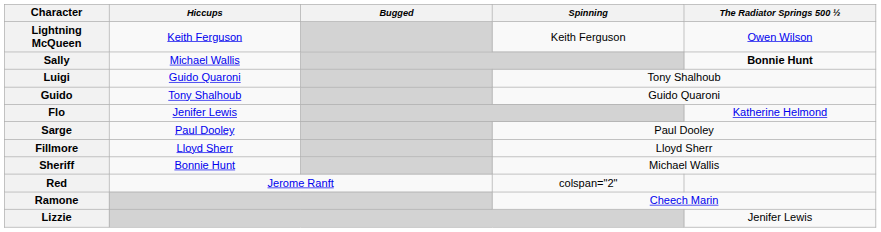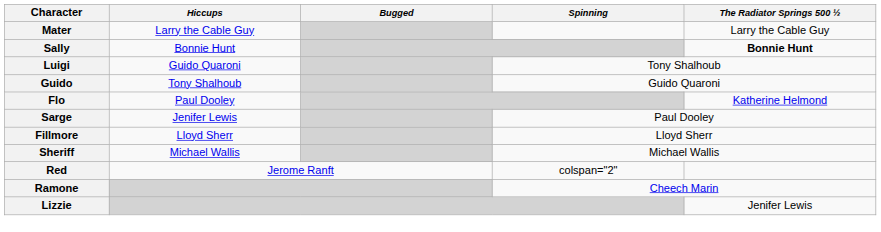 <table class="wikitable" style="text-align:center;width:100%">
 <tr>
 <th width="12%">Character</th>
 <th width="22%"><small><em>Hiccups</em></small></th>
 <th width="22%"><small><em>Bugged</em></small></th>
 <th width="22%"><small><em>Spinning</em></small></th>
 <th width="22%"><small><em>The Radiator Springs 500 ½</em></small></th>
 </tr>
 <tr>
-<th>Lightning McQueen</th>
-<td><a href='#'>Keith Ferguson</a></td>
+<th>Mater</th>
+<td><a href='#'>Larry the Cable Guy</a></td>
 <td style="background:lightgrey;"></td>
-<td>Keith Ferguson</td>
-<td><a href='#'>Owen Wilson</a></td>
+<td></td>
+<td>Larry the Cable Guy</td>
 </tr>
 <tr>
 <th>Sally</th>
-<td><a href='#'>Michael Wallis</a></td>
+<td><a href='#'>Bonnie Hunt</a></td>
 <td colspan="2" style="background:lightgrey;"></td>
 <td><strong>Bonnie Hunt</strong></td>
 </tr>
 <tr>
 <th>Luigi</th>
 <td><a href='#'>Guido Quaroni</a></td>
 <td style="background:lightgrey;"></td>
 <td colspan="2">Tony Shalhoub</td>
 </tr>
 <tr>
 <th>Guido</th>
 <td><a href='#'>Tony Shalhoub</a></td>
 <td style="background:lightgrey;"></td>
 <td colspan="2">Guido Quaroni</td>
 </tr>
 <tr>
 <th>Flo</th>
-<td><a href='#'>Jenifer Lewis</a></td>
+<td><a href='#'>Paul Dooley</a></td>
 <td colspan="2" style="background:lightgrey;"></td>
 <td><a href='#'>Katherine Helmond</a></td>
 </tr>
 <tr>
 <th>Sarge</th>
-<td><a href='#'>Paul Dooley</a></td>
+<td><a href='#'>Jenifer Lewis</a></td>
 <td style="background:lightgrey;"></td>
 <td colspan="2">Paul Dooley</td>
 </tr>
 <tr>
 <th>Fillmore</th>
 <td><a href='#'>Lloyd Sherr</a></td>
 <td style="background:lightgrey;"></td>
 <td colspan="2">Lloyd Sherr</td>
 </tr>
 <tr>
 <th>Sheriff</th>
-<td><a href='#'>Bonnie Hunt</a></td>
+<td><a href='#'>Michael Wallis</a></td>
 <td style="background:lightgrey;"></td>
 <td colspan="2">Michael Wallis</td>
 </tr>
 <tr>
 <th>Red</th>
 <td colspan="2"><a href='#'>Jerome Ranft</a></td>
 <td>colspan="2" </td>
 </tr>
 <tr>
 <th>Ramone</th>
 <td colspan="2" style="background:lightgrey;"></td>
 <td colspan="2"><a href='#'>Cheech Marin</a></td>
 </tr>
 <tr>
 <th>Lizzie</th>
 <td colspan="3" style="background:lightgrey;"></td>
 <td>Jenifer Lewis</td>
 </tr>
 </table>
